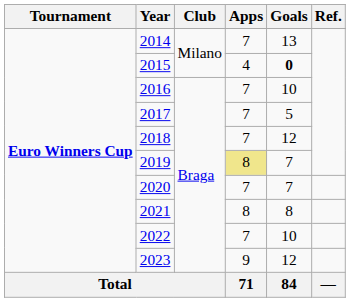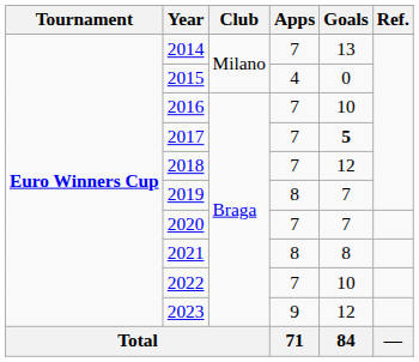 <table class="wikitable" style="text-align:center;">
 <tr>
 <th>Tournament</th>
 <th>Year</th>
 <th>Club</th>
 <th>Apps</th>
 <th>Goals</th>
 <th>Ref.</th>
 </tr>
 <tr>
 <td rowspan="11"><strong><a href='#'>Euro Winners Cup</a></strong></td>
 </tr>
 <tr>
 <td> <a href='#'>2014</a></td>
 <td align=left rowspan=2> Milano</td>
 <td>7</td>
 <td>13</td>
 <td rowspan=6></td>
 </tr>
 <tr>
 <td> <a href='#'>2015</a></td>
 <td>4</td>
-<td><strong>0</strong></td>
+<td>0</td>
 </tr>
 <tr>
 <td> <a href='#'>2016</a></td>
 <td align=left rowspan=8> <a href='#'>Braga</a></td>
 <td>7</td>
 <td>10</td>
 </tr>
 <tr>
 <td> <a href='#'>2017</a></td>
 <td>7</td>
-<td>5</td>
+<td><strong>5</strong></td>
 </tr>
 <tr>
 <td> <a href='#'>2018</a></td>
 <td>7</td>
 <td>12</td>
 </tr>
 <tr>
 <td> <a href='#'>2019</a></td>
-<td style="background: khaki;">8</td>
+<td>8</td>
 <td>7</td>
 </tr>
 <tr>
 <td> <a href='#'>2020</a></td>
 <td>7</td>
 <td>7</td>
 <td></td>
 </tr>
 <tr>
 <td> <a href='#'>2021</a></td>
 <td>8</td>
 <td>8</td>
 <td></td>
 </tr>
 <tr>
 <td> <a href='#'>2022</a></td>
 <td>7</td>
 <td>10</td>
 <td></td>
 </tr>
 <tr>
 <td> <a href='#'>2023</a></td>
 <td>9</td>
 <td>12</td>
 <td></td>
 </tr>
 <tr>
 <th colspan=3>Total</th>
 <th>71</th>
 <th>84</th>
 <th>—</th>
 </tr>
 </table>
